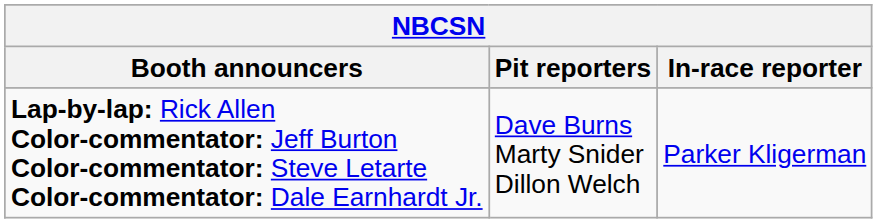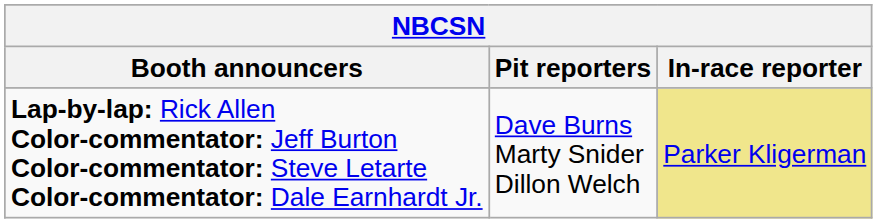 <table class="wikitable" style="font-size: 95%">
 <tr>
 <th colspan="3"><a href='#'>NBCSN</a></th>
 </tr>
 <tr>
 <th>Booth announcers</th>
 <th>Pit reporters</th>
 <th>In-race reporter</th>
 </tr>
 <tr>
 <td><strong>Lap-by-lap:</strong> <a href='#'>Rick Allen</a><br><strong>Color-commentator:</strong> <a href='#'>Jeff Burton</a><br><strong>Color-commentator:</strong> <a href='#'>Steve Letarte</a><br><strong>Color-commentator:</strong> <a href='#'>Dale Earnhardt Jr.</a></td>
 <td><a href='#'>Dave Burns</a><br>Marty Snider<br>Dillon Welch</td>
-<td><a href='#'>Parker Kligerman</a></td>
+<td style="background: khaki;"><a href='#'>Parker Kligerman</a></td>
 </tr>
 </table>
